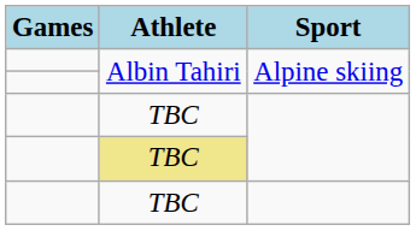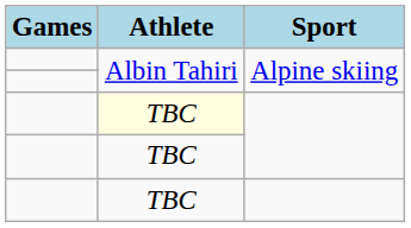 <table class="wikitable" style="text-align:center">
 <tr>
 <th style="background:lightblue;">Games</th>
 <th style="background:lightblue;">Athlete</th>
 <th style="background:lightblue;">Sport</th>
 </tr>
 <tr>
 <td></td>
 <td rowspan=2><a href='#'>Albin Tahiri</a></td>
 <td rowspan=2><a href='#'>Alpine skiing</a></td>
 </tr>
 <tr>
 <td></td>
 </tr>
 <tr>
 <td></td>
-<td><em>TBC</em></td>
+<td style="background: lightyellow;"><em>TBC</em></td>
 </tr>
 <tr>
 <td></td>
-<td style="background: khaki;"><em>TBC</em></td>
+<td><em>TBC</em></td>
 </tr>
 <tr>
 <td></td>
 <td><em>TBC</em></td>
 <td></td>
 </tr>
 </table>
